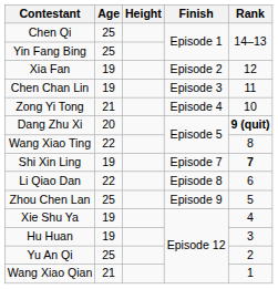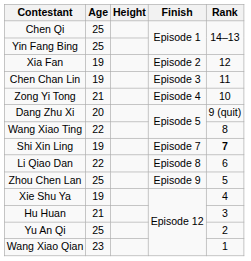 <table class="wikitable sortable" style="text-align:center;">
 <tr>
 <th>Contestant</th>
 <th>Age</th>
 <th>Height</th>
 <th>Finish</th>
 <th>Rank</th>
 </tr>
 <tr>
 <td>Chen Qi</td>
 <td>25</td>
 <td></td>
 <td rowspan="2">Episode 1</td>
 <td rowspan="2">14–13</td>
 </tr>
 <tr>
 <td>Yin Fang Bing</td>
 <td>25</td>
 <td></td>
 </tr>
 <tr>
 <td>Xia Fan</td>
 <td>19</td>
 <td></td>
 <td>Episode 2</td>
 <td>12</td>
 </tr>
 <tr>
 <td>Chen Chan Lin</td>
 <td>19</td>
 <td></td>
 <td>Episode 3</td>
 <td>11</td>
 </tr>
 <tr>
 <td>Zong Yi Tong</td>
 <td>21</td>
 <td></td>
 <td>Episode 4</td>
 <td>10</td>
 </tr>
 <tr>
 <td>Dang Zhu Xi</td>
 <td>20</td>
 <td></td>
 <td rowspan="2">Episode 5</td>
-<td><strong>9 (quit)</strong></td>
+<td>9 (quit)</td>
 </tr>
 <tr>
 <td>Wang Xiao Ting</td>
 <td>22</td>
 <td></td>
 <td>8</td>
 </tr>
 <tr>
 <td>Shi Xin Ling</td>
 <td>19</td>
 <td></td>
 <td>Episode 7</td>
 <td><strong>7</strong></td>
 </tr>
 <tr>
 <td>Li Qiao Dan</td>
 <td>22</td>
 <td></td>
 <td>Episode 8</td>
 <td>6</td>
 </tr>
 <tr>
 <td>Zhou Chen Lan</td>
 <td>25</td>
 <td></td>
 <td>Episode 9</td>
 <td>5</td>
 </tr>
 <tr>
 <td>Xie Shu Ya</td>
 <td>19</td>
 <td></td>
 <td rowspan="4">Episode 12</td>
 <td>4</td>
 </tr>
 <tr>
 <td>Hu Huan</td>
-<td>19</td>
+<td>21</td>
 <td></td>
 <td>3</td>
 </tr>
 <tr>
 <td>Yu An Qi</td>
 <td>25</td>
 <td></td>
 <td>2</td>
 </tr>
 <tr>
 <td>Wang Xiao Qian</td>
-<td>21</td>
+<td>23</td>
 <td></td>
 <td>1</td>
 </tr>
 </table>
